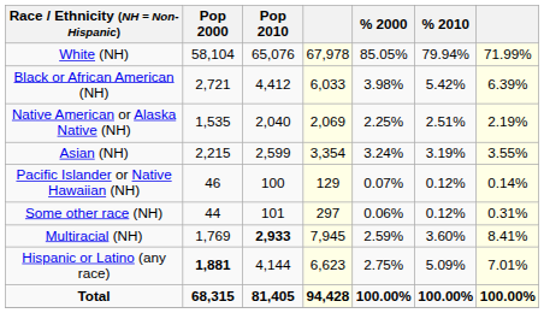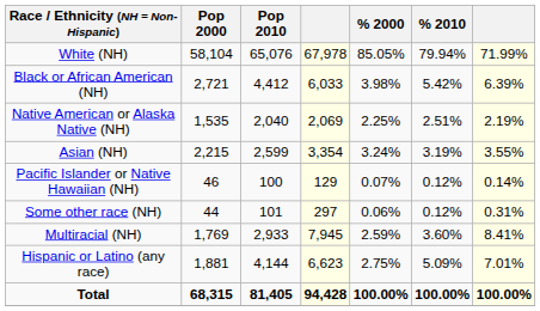 <table class="wikitable" style="text-align:center;">
 <tr>
 <th>Race / Ethnicity <small>(<em>NH = Non-Hispanic</em>)</small></th>
 <th>Pop 2000</th>
 <th>Pop 2010</th>
 <th></th>
 <th>% 2000</th>
 <th>% 2010</th>
 <th></th>
 </tr>
 <tr>
 <td><a href='#'>White</a> (NH)</td>
 <td>58,104</td>
 <td>65,076</td>
 <td style='background: #ffffe6;'>67,978</td>
 <td>85.05%</td>
 <td>79.94%</td>
 <td style='background: #ffffe6;'>71.99%</td>
 </tr>
 <tr>
 <td><a href='#'>Black or African American</a> (NH)</td>
 <td>2,721</td>
 <td>4,412</td>
 <td style='background: #ffffe6;'>6,033</td>
 <td>3.98%</td>
 <td>5.42%</td>
 <td style='background: #ffffe6;'>6.39%</td>
 </tr>
 <tr>
 <td><a href='#'>Native American</a> or <a href='#'>Alaska Native</a> (NH)</td>
 <td>1,535</td>
 <td>2,040</td>
 <td style='background: #ffffe6;'>2,069</td>
 <td>2.25%</td>
 <td>2.51%</td>
 <td style='background: #ffffe6;'>2.19%</td>
 </tr>
 <tr>
 <td><a href='#'>Asian</a> (NH)</td>
 <td>2,215</td>
 <td>2,599</td>
 <td style='background: #ffffe6;'>3,354</td>
 <td>3.24%</td>
 <td>3.19%</td>
 <td style='background: #ffffe6;'>3.55%</td>
 </tr>
 <tr>
 <td><a href='#'>Pacific Islander</a> or <a href='#'>Native Hawaiian</a> (NH)</td>
 <td>46</td>
 <td>100</td>
 <td style='background: #ffffe6;'>129</td>
 <td>0.07%</td>
 <td>0.12%</td>
 <td style='background: #ffffe6;'>0.14%</td>
 </tr>
 <tr>
 <td><a href='#'>Some other race</a> (NH)</td>
 <td>44</td>
 <td>101</td>
 <td style='background: #ffffe6;'>297</td>
 <td>0.06%</td>
 <td>0.12%</td>
 <td style='background: #ffffe6;'>0.31%</td>
 </tr>
 <tr>
 <td><a href='#'>Multiracial</a> (NH)</td>
 <td>1,769</td>
-<td><strong>2,933</strong></td>
+<td>2,933</td>
 <td style='background: #ffffe6;'>7,945</td>
 <td>2.59%</td>
 <td>3.60%</td>
 <td style='background: #ffffe6;'>8.41%</td>
 </tr>
 <tr>
 <td><a href='#'>Hispanic or Latino</a> (any race)</td>
-<td><strong>1,881</strong></td>
+<td>1,881</td>
 <td>4,144</td>
 <td style='background: #ffffe6;'>6,623</td>
 <td>2.75%</td>
 <td>5.09%</td>
 <td style='background: #ffffe6;'>7.01%</td>
 </tr>
 <tr>
 <td><strong>Total</strong></td>
 <td><strong>68,315</strong></td>
 <td><strong>81,405</strong></td>
 <td style='background: #ffffe6;'><strong>94,428</strong></td>
 <td><strong>100.00%</strong></td>
 <td><strong>100.00%</strong></td>
 <td style='background: #ffffe6;'><strong>100.00%</strong></td>
 </tr>
 <tr>
 </tr>
 </table>
